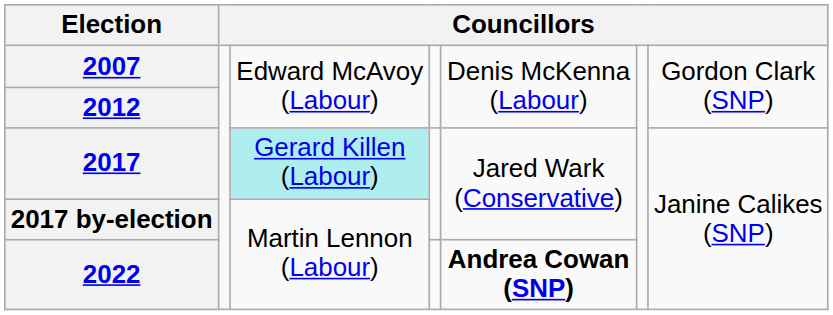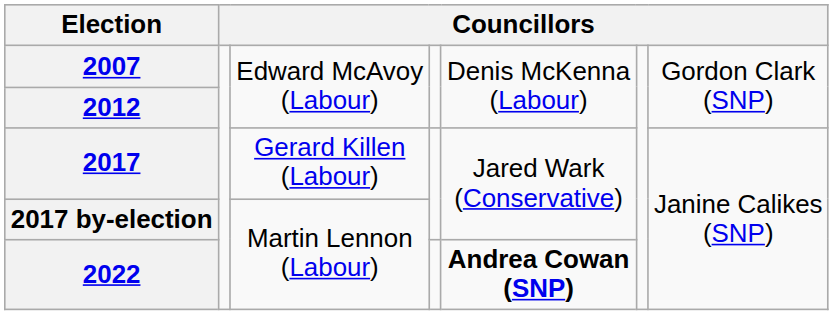 <table class="wikitable" style="text-align:center">
 <tr>
 <th>Election</th>
 <th colspan=8>Councillors</th>
 </tr>
 <tr>
 <th><a href='#'>2007</a></th>
 <td rowspan=5; style="background-color: "></td>
 <td rowspan=2>Edward McAvoy<br>(<a href='#'>Labour</a>)</td>
 <td rowspan=2; style="background-color: "></td>
 <td rowspan=2>Denis McKenna<br>(<a href='#'>Labour</a>)</td>
 <td rowspan=5; style="background-color: "></td>
 <td rowspan=2>Gordon Clark<br>(<a href='#'>SNP</a>)</td>
 </tr>
 <tr>
 <th><a href='#'>2012</a></th>
 </tr>
 <tr>
 <th><a href='#'>2017</a></th>
-<td rowspan=1 style="background: paleturquoise;"><a href='#'>Gerard Killen</a><br>(<a href='#'>Labour</a>)</td>
+<td rowspan=1><a href='#'>Gerard Killen</a><br>(<a href='#'>Labour</a>)</td>
 <td rowspan=2; style="background-color: "></td>
 <td rowspan=2>Jared Wark<br>(<a href='#'>Conservative</a>)</td>
 <td rowspan=3>Janine Calikes<br>(<a href='#'>SNP</a>)</td>
 </tr>
 <tr>
 <th>2017 by-election</th>
 <td rowspan=2>Martin Lennon<br>(<a href='#'>Labour</a>)</td>
 </tr>
 <tr>
 <th><a href='#'>2022</a></th>
 <td rowspan=1; style="background-color: "></td>
 <td><strong>Andrea Cowan<br>(<a href='#'>SNP</a>)</strong></td>
 </tr>
 </table>
